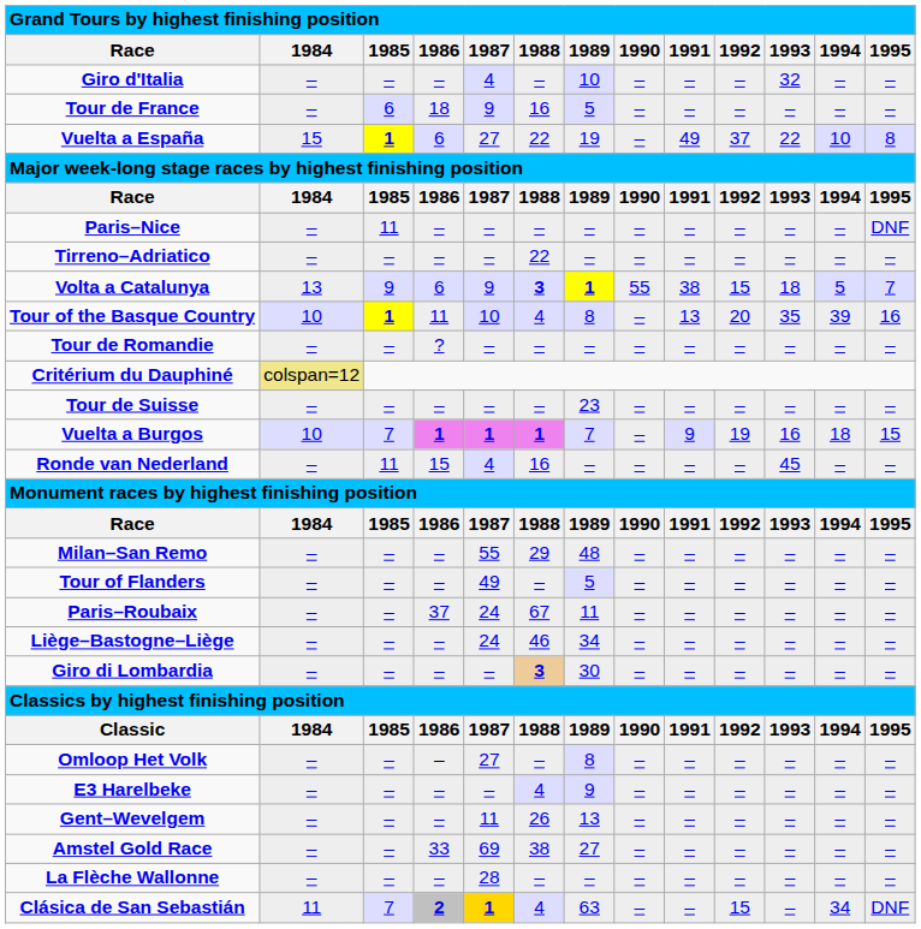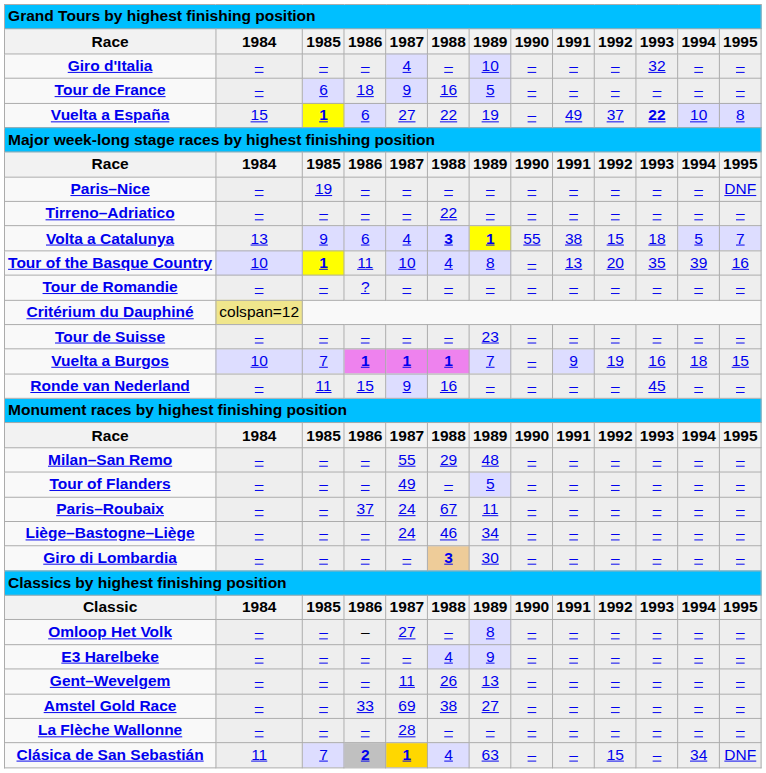 <table class="wikitable">
 <tr style="background:#eee;">
 <td style="background:#00BFFF;" colspan=20><strong>Grand Tours by highest finishing position</strong></td>
 </tr>
 <tr>
 <th>Race</th>
 <th>1984</th>
 <th>1985</th>
 <th>1986</th>
 <th>1987</th>
 <th>1988</th>
 <th>1989</th>
 <th>1990</th>
 <th>1991</th>
 <th>1992</th>
 <th>1993</th>
 <th>1994</th>
 <th>1995</th>
 </tr>
 <tr align="center">
 <td style="text-align:center;"><strong><a href='#'>Giro d'Italia</a></strong></td>
 <td style="background:#eee;"><a href='#'>–</a></td>
 <td style="background:#eee;"><a href='#'>–</a></td>
 <td style="background:#eee;"><a href='#'>–</a></td>
 <td style="background:#ddf;"><a href='#'>4</a></td>
 <td style="background:#eee;"><a href='#'>–</a></td>
 <td style="background:#ddf;"><a href='#'>10</a></td>
 <td style="background:#eee;"><a href='#'>–</a></td>
 <td style="background:#eee;"><a href='#'>–</a></td>
 <td style="background:#eee;"><a href='#'>–</a></td>
 <td style="background:#eee;"><a href='#'>32</a></td>
 <td style="background:#eee;"><a href='#'>–</a></td>
 <td style="background:#eee;"><a href='#'>–</a></td>
 </tr>
 <tr align="center">
 <td style="text-align:center;"><strong><a href='#'>Tour de France</a></strong></td>
 <td style="background:#eee;"><a href='#'>–</a></td>
 <td style="background:#ddf;"><a href='#'>6</a></td>
 <td style="background:#eee;"><a href='#'>18</a></td>
 <td style="background:#ddf;"><a href='#'>9</a></td>
 <td style="background:#eee;"><a href='#'>16</a></td>
 <td style="background:#ddf;"><a href='#'>5</a></td>
 <td style="background:#eee;"><a href='#'>–</a></td>
 <td style="background:#eee;"><a href='#'>–</a></td>
 <td style="background:#eee;"><a href='#'>–</a></td>
 <td style="background:#eee;"><a href='#'>–</a></td>
 <td style="background:#eee;"><a href='#'>–</a></td>
 <td style="background:#eee;"><a href='#'>–</a></td>
 </tr>
 <tr align="center">
 <td style="text-align:center;"><strong><a href='#'>Vuelta a España</a></strong></td>
 <td style="background:#eee;"><a href='#'>15</a></td>
 <td style="background:yellow;"><a href='#'><strong>1</strong></a></td>
 <td style="background:#ddf;"><a href='#'>6</a></td>
 <td style="background:#eee;"><a href='#'>27</a></td>
 <td style="background:#eee;"><a href='#'>22</a></td>
 <td style="background:#eee;"><a href='#'>19</a></td>
 <td style="background:#eee;"><a href='#'>–</a></td>
 <td style="background:#eee;"><a href='#'>49</a></td>
 <td style="background:#eee;"><a href='#'>37</a></td>
-<td style="background:#eee;"><a href='#'>22</a></td>
+<td style="background:#eee;"><strong><a href='#'>22</a></strong></td>
 <td style="background:#ddf;"><a href='#'>10</a></td>
 <td style="background:#ddf;"><a href='#'>8</a></td>
 </tr>
 <tr>
 <td style="background:#00BFFF;" colspan=20><strong>Major week-long stage races by highest finishing position</strong></td>
 </tr>
 <tr>
 <th>Race</th>
 <th>1984</th>
 <th>1985</th>
 <th>1986</th>
 <th>1987</th>
 <th>1988</th>
 <th>1989</th>
 <th>1990</th>
 <th>1991</th>
 <th>1992</th>
 <th>1993</th>
 <th>1994</th>
 <th>1995</th>
 </tr>
 <tr align="center">
 <td style="text-align:center;"><strong><a href='#'>Paris–Nice</a></strong></td>
 <td style="background:#eee;"><a href='#'>–</a></td>
-<td style="background:#eee;"><a href='#'>11</a></td>
+<td style="background:#eee;"><a href='#'>19</a></td>
 <td style="background:#eee;"><a href='#'>–</a></td>
 <td style="background:#eee;"><a href='#'>–</a></td>
 <td style="background:#eee;"><a href='#'>–</a></td>
 <td style="background:#eee;"><a href='#'>–</a></td>
 <td style="background:#eee;"><a href='#'>–</a></td>
 <td style="background:#eee;"><a href='#'>–</a></td>
 <td style="background:#eee;"><a href='#'>–</a></td>
 <td style="background:#eee;"><a href='#'>–</a></td>
 <td style="background:#eee;"><a href='#'>–</a></td>
 <td style="background:#eee;"><a href='#'>DNF</a></td>
 </tr>
 <tr align="center">
 <td style="text-align:center;"><strong><a href='#'>Tirreno–Adriatico</a></strong></td>
 <td style="background:#eee;"><a href='#'>–</a></td>
 <td style="background:#eee;"><a href='#'>–</a></td>
 <td style="background:#eee;"><a href='#'>–</a></td>
 <td style="background:#eee;"><a href='#'>–</a></td>
 <td style="background:#eee;"><a href='#'>22</a></td>
 <td style="background:#eee;"><a href='#'>–</a></td>
 <td style="background:#eee;"><a href='#'>–</a></td>
 <td style="background:#eee;"><a href='#'>–</a></td>
 <td style="background:#eee;"><a href='#'>–</a></td>
 <td style="background:#eee;"><a href='#'>–</a></td>
 <td style="background:#eee;"><a href='#'>–</a></td>
 <td style="background:#eee;"><a href='#'>–</a></td>
 </tr>
 <tr align="center">
 <td style="text-align:center;"><strong><a href='#'>Volta a Catalunya</a></strong></td>
 <td style="background:#eee;"><a href='#'>13</a></td>
 <td style="background:#ddf;"><a href='#'>9</a></td>
 <td style="background:#ddf;"><a href='#'>6</a></td>
-<td style="background:#ddf;"><a href='#'>9</a></td>
+<td style="background:#ddf;"><a href='#'>4</a></td>
 <td style="background:#ddf;"><a href='#'><strong>3</strong></a></td>
 <td style="background:yellow;"><a href='#'><strong>1</strong></a></td>
 <td style="background:#eee;"><a href='#'>55</a></td>
 <td style="background:#eee;"><a href='#'>38</a></td>
 <td style="background:#eee;"><a href='#'>15</a></td>
 <td style="background:#eee;"><a href='#'>18</a></td>
 <td style="background:#ddf;"><a href='#'>5</a></td>
 <td style="background:#ddf;"><a href='#'>7</a></td>
 </tr>
 <tr align="center">
 <td style="text-align:center;"><strong><a href='#'>Tour of the Basque Country</a></strong></td>
 <td style="background:#ddf;"><a href='#'>10</a></td>
 <td style="background:yellow;"><a href='#'><strong>1</strong></a></td>
 <td style="background:#eee;"><a href='#'>11</a></td>
 <td style="background:#ddf;"><a href='#'>10</a></td>
 <td style="background:#ddf;"><a href='#'>4</a></td>
 <td style="background:#ddf;"><a href='#'>8</a></td>
 <td style="background:#eee;"><a href='#'>–</a></td>
 <td style="background:#eee;"><a href='#'>13</a></td>
 <td style="background:#eee;"><a href='#'>20</a></td>
 <td style="background:#eee;"><a href='#'>35</a></td>
 <td style="background:#eee;"><a href='#'>39</a></td>
 <td style="background:#eee;"><a href='#'>16</a></td>
 </tr>
 <tr align="center">
 <td style="text-align:center;"><strong><a href='#'>Tour de Romandie</a></strong></td>
 <td style="background:#eee;"><a href='#'>–</a></td>
 <td style="background:#eee;"><a href='#'>–</a></td>
 <td style="background:#eee;"><a href='#'>?</a></td>
 <td style="background:#eee;"><a href='#'>–</a></td>
 <td style="background:#eee;"><a href='#'>–</a></td>
 <td style="background:#eee;"><a href='#'>–</a></td>
 <td style="background:#eee;"><a href='#'>–</a></td>
 <td style="background:#eee;"><a href='#'>–</a></td>
 <td style="background:#eee;"><a href='#'>–</a></td>
 <td style="background:#eee;"><a href='#'>–</a></td>
 <td style="background:#eee;"><a href='#'>–</a></td>
 <td style="background:#eee;"><a href='#'>–</a></td>
 </tr>
 <tr align="center">
 <td style="text-align:center;"><strong><a href='#'>Critérium du Dauphiné</a></strong></td>
 <td style="background: khaki;">colspan=12 </td>
 </tr>
 <tr align="center">
 <td style="text-align:center;"><strong><a href='#'>Tour de Suisse</a></strong></td>
 <td style="background:#eee;"><a href='#'>–</a></td>
 <td style="background:#eee;"><a href='#'>–</a></td>
 <td style="background:#eee;"><a href='#'>–</a></td>
 <td style="background:#eee;"><a href='#'>–</a></td>
 <td style="background:#eee;"><a href='#'>–</a></td>
 <td style="background:#eee;"><a href='#'>23</a></td>
 <td style="background:#eee;"><a href='#'>–</a></td>
 <td style="background:#eee;"><a href='#'>–</a></td>
 <td style="background:#eee;"><a href='#'>–</a></td>
 <td style="background:#eee;"><a href='#'>–</a></td>
 <td style="background:#eee;"><a href='#'>–</a></td>
 <td style="background:#eee;"><a href='#'>–</a></td>
 </tr>
 <tr align="center">
 <td style="text-align:center;"><strong><a href='#'>Vuelta a Burgos</a></strong></td>
 <td style="background:#ddf;"><a href='#'>10</a></td>
 <td style="background:#ddf;"><a href='#'>7</a></td>
 <td style="background:violet;"><a href='#'><strong>1</strong></a></td>
 <td style="background:violet;"><a href='#'><strong>1</strong></a></td>
 <td style="background:violet;"><a href='#'><strong>1</strong></a></td>
 <td style="background:#ddf;"><a href='#'>7</a></td>
 <td style="background:#eee;"><a href='#'>–</a></td>
 <td style="background:#ddf;"><a href='#'>9</a></td>
 <td style="background:#eee;"><a href='#'>19</a></td>
 <td style="background:#eee;"><a href='#'>16</a></td>
 <td style="background:#eee;"><a href='#'>18</a></td>
 <td style="background:#eee;"><a href='#'>15</a></td>
 </tr>
 <tr align="center">
 <td style="text-align:center;"><strong><a href='#'>Ronde van Nederland</a></strong></td>
 <td style="background:#eee;"><a href='#'>–</a></td>
 <td style="background:#eee;"><a href='#'>11</a></td>
 <td style="background:#eee;"><a href='#'>15</a></td>
-<td style="background:#ddf;"><a href='#'>4</a></td>
+<td style="background:#ddf;"><a href='#'>9</a></td>
 <td style="background:#eee;"><a href='#'>16</a></td>
 <td style="background:#eee;"><a href='#'>–</a></td>
 <td style="background:#eee;"><a href='#'>–</a></td>
 <td style="background:#eee;"><a href='#'>–</a></td>
 <td style="background:#eee;"><a href='#'>–</a></td>
 <td style="background:#eee;"><a href='#'>45</a></td>
 <td style="background:#eee;"><a href='#'>–</a></td>
 <td style="background:#eee;"><a href='#'>–</a></td>
 </tr>
 <tr>
 <td style="background:#00BFFF;" colspan=20><strong>Monument races by highest finishing position</strong></td>
 </tr>
 <tr>
 <th>Race</th>
 <th>1984</th>
 <th>1985</th>
 <th>1986</th>
 <th>1987</th>
 <th>1988</th>
 <th>1989</th>
 <th>1990</th>
 <th>1991</th>
 <th>1992</th>
 <th>1993</th>
 <th>1994</th>
 <th>1995</th>
 </tr>
 <tr align="center">
 <td style="text-align:center;"><strong><a href='#'>Milan–San Remo</a></strong></td>
 <td style="background:#eee;"><a href='#'>–</a></td>
 <td style="background:#eee;"><a href='#'>–</a></td>
 <td style="background:#eee;"><a href='#'>–</a></td>
 <td style="background:#eee;"><a href='#'>55</a></td>
 <td style="background:#eee;"><a href='#'>29</a></td>
 <td style="background:#eee;"><a href='#'>48</a></td>
 <td style="background:#eee;"><a href='#'>–</a></td>
 <td style="background:#eee;"><a href='#'>–</a></td>
 <td style="background:#eee;"><a href='#'>–</a></td>
 <td style="background:#eee;"><a href='#'>–</a></td>
 <td style="background:#eee;"><a href='#'>–</a></td>
 <td style="background:#eee;"><a href='#'>–</a></td>
 </tr>
 <tr align="center">
 <td style="text-align:center;"><strong><a href='#'>Tour of Flanders</a></strong></td>
 <td style="background:#eee;"><a href='#'>–</a></td>
 <td style="background:#eee;"><a href='#'>–</a></td>
 <td style="background:#eee;"><a href='#'>–</a></td>
 <td style="background:#eee;"><a href='#'>49</a></td>
 <td style="background:#eee;"><a href='#'>–</a></td>
 <td style="background:#ddf;"><a href='#'>5</a></td>
 <td style="background:#eee;"><a href='#'>–</a></td>
 <td style="background:#eee;"><a href='#'>–</a></td>
 <td style="background:#eee;"><a href='#'>–</a></td>
 <td style="background:#eee;"><a href='#'>–</a></td>
 <td style="background:#eee;"><a href='#'>–</a></td>
 <td style="background:#eee;"><a href='#'>–</a></td>
 </tr>
 <tr align="center">
 <td style="text-align:center;"><strong><a href='#'>Paris–Roubaix</a></strong></td>
 <td style="background:#eee;"><a href='#'>–</a></td>
 <td style="background:#eee;"><a href='#'>–</a></td>
 <td style="background:#eee;"><a href='#'>37</a></td>
 <td style="background:#eee;"><a href='#'>24</a></td>
 <td style="background:#eee;"><a href='#'>67</a></td>
 <td style="background:#eee;"><a href='#'>11</a></td>
 <td style="background:#eee;"><a href='#'>–</a></td>
 <td style="background:#eee;"><a href='#'>–</a></td>
 <td style="background:#eee;"><a href='#'>–</a></td>
 <td style="background:#eee;"><a href='#'>–</a></td>
 <td style="background:#eee;"><a href='#'>–</a></td>
 <td style="background:#eee;"><a href='#'>–</a></td>
 </tr>
 <tr align="center">
 <td style="text-align:center;"><strong><a href='#'>Liège–Bastogne–Liège</a></strong></td>
 <td style="background:#eee;"><a href='#'>–</a></td>
 <td style="background:#eee;"><a href='#'>–</a></td>
 <td style="background:#eee;"><a href='#'>–</a></td>
 <td style="background:#eee;"><a href='#'>24</a></td>
 <td style="background:#eee;"><a href='#'>46</a></td>
 <td style="background:#eee;"><a href='#'>34</a></td>
 <td style="background:#eee;"><a href='#'>–</a></td>
 <td style="background:#eee;"><a href='#'>–</a></td>
 <td style="background:#eee;"><a href='#'>–</a></td>
 <td style="background:#eee;"><a href='#'>–</a></td>
 <td style="background:#eee;"><a href='#'>–</a></td>
 <td style="background:#eee;"><a href='#'>–</a></td>
 </tr>
 <tr align="center">
 <td style="text-align:center;"><strong><a href='#'>Giro di Lombardia</a></strong></td>
 <td style="background:#eee;"><a href='#'>–</a></td>
 <td style="background:#eee;"><a href='#'>–</a></td>
 <td style="background:#eee;"><a href='#'>–</a></td>
 <td style="background:#eee;"><a href='#'>–</a></td>
 <td style="background:#ec9;"><a href='#'><strong>3</strong></a></td>
 <td style="background:#eee;"><a href='#'>30</a></td>
 <td style="background:#eee;"><a href='#'>–</a></td>
 <td style="background:#eee;"><a href='#'>–</a></td>
 <td style="background:#eee;"><a href='#'>–</a></td>
 <td style="background:#eee;"><a href='#'>–</a></td>
 <td style="background:#eee;"><a href='#'>–</a></td>
 <td style="background:#eee;"><a href='#'>–</a></td>
 </tr>
 <tr>
 <td style="background:#00BFFF;" colspan=20><strong>Classics by highest finishing position</strong></td>
 </tr>
 <tr>
 <th>Classic</th>
 <th>1984</th>
 <th>1985</th>
 <th>1986</th>
 <th>1987</th>
 <th>1988</th>
 <th>1989</th>
 <th>1990</th>
 <th>1991</th>
 <th>1992</th>
 <th>1993</th>
 <th>1994</th>
 <th>1995</th>
 </tr>
 <tr align="center">
 <td style="text-align:center;"><strong><a href='#'>Omloop Het Volk</a></strong></td>
 <td style="background:#eee;"><a href='#'>–</a></td>
 <td style="background:#eee;"><a href='#'>–</a></td>
 <td style="background:#eee;">–</td>
 <td style="background:#eee;"><a href='#'>27</a></td>
 <td style="background:#eee;"><a href='#'>–</a></td>
 <td style="background:#ddf;"><a href='#'>8</a></td>
 <td style="background:#eee;"><a href='#'>–</a></td>
 <td style="background:#eee;"><a href='#'>–</a></td>
 <td style="background:#eee;"><a href='#'>–</a></td>
 <td style="background:#eee;"><a href='#'>–</a></td>
 <td style="background:#eee;"><a href='#'>–</a></td>
 <td style="background:#eee;"><a href='#'>–</a></td>
 </tr>
 <tr align="center">
 <td style="text-align:center;"><strong><a href='#'>E3 Harelbeke</a></strong></td>
 <td style="background:#eee;"><a href='#'>–</a></td>
 <td style="background:#eee;"><a href='#'>–</a></td>
 <td style="background:#eee;"><a href='#'>–</a></td>
 <td style="background:#eee;"><a href='#'>–</a></td>
 <td style="background:#ddf;"><a href='#'>4</a></td>
 <td style="background:#ddf;"><a href='#'>9</a></td>
 <td style="background:#eee;"><a href='#'>–</a></td>
 <td style="background:#eee;"><a href='#'>–</a></td>
 <td style="background:#eee;"><a href='#'>–</a></td>
 <td style="background:#eee;"><a href='#'>–</a></td>
 <td style="background:#eee;"><a href='#'>–</a></td>
 <td style="background:#eee;"><a href='#'>–</a></td>
 </tr>
 <tr align="center">
 <td style="text-align:center;"><strong><a href='#'>Gent–Wevelgem</a></strong></td>
 <td style="background:#eee;"><a href='#'>–</a></td>
 <td style="background:#eee;"><a href='#'>–</a></td>
 <td style="background:#eee;"><a href='#'>–</a></td>
 <td style="background:#eee;"><a href='#'>11</a></td>
 <td style="background:#eee;"><a href='#'>26</a></td>
 <td style="background:#eee;"><a href='#'>13</a></td>
 <td style="background:#eee;"><a href='#'>–</a></td>
 <td style="background:#eee;"><a href='#'>–</a></td>
 <td style="background:#eee;"><a href='#'>–</a></td>
 <td style="background:#eee;"><a href='#'>–</a></td>
 <td style="background:#eee;"><a href='#'>–</a></td>
 <td style="background:#eee;"><a href='#'>–</a></td>
 </tr>
 <tr align="center">
 <td style="text-align:center;"><strong><a href='#'>Amstel Gold Race</a></strong></td>
 <td style="background:#eee;"><a href='#'>–</a></td>
 <td style="background:#eee;"><a href='#'>–</a></td>
 <td style="background:#eee;"><a href='#'>33</a></td>
 <td style="background:#eee;"><a href='#'>69</a></td>
 <td style="background:#eee;"><a href='#'>38</a></td>
 <td style="background:#eee;"><a href='#'>27</a></td>
 <td style="background:#eee;"><a href='#'>–</a></td>
 <td style="background:#eee;"><a href='#'>–</a></td>
 <td style="background:#eee;"><a href='#'>–</a></td>
 <td style="background:#eee;"><a href='#'>–</a></td>
 <td style="background:#eee;"><a href='#'>–</a></td>
 <td style="background:#eee;"><a href='#'>–</a></td>
 </tr>
 <tr align="center">
 <td style="text-align:center;"><strong><a href='#'>La Flèche Wallonne</a></strong></td>
 <td style="background:#eee;"><a href='#'>–</a></td>
 <td style="background:#eee;"><a href='#'>–</a></td>
 <td style="background:#eee;"><a href='#'>–</a></td>
 <td style="background:#eee;"><a href='#'>28</a></td>
 <td style="background:#eee;"><a href='#'>–</a></td>
 <td style="background:#eee;"><a href='#'>–</a></td>
 <td style="background:#eee;"><a href='#'>–</a></td>
 <td style="background:#eee;"><a href='#'>–</a></td>
 <td style="background:#eee;"><a href='#'>–</a></td>
 <td style="background:#eee;"><a href='#'>–</a></td>
 <td style="background:#eee;"><a href='#'>–</a></td>
 <td style="background:#eee;"><a href='#'>–</a></td>
 </tr>
 <tr align="center">
 <td style="text-align:center;"><strong><a href='#'>Clásica de San Sebastián</a></strong></td>
 <td style="background:#eee;"><a href='#'>11</a></td>
 <td style="background:#ddf;"><a href='#'>7</a></td>
 <td style="background:silver;"><a href='#'><strong>2</strong></a></td>
 <td style="background:gold;"><a href='#'><strong>1</strong></a></td>
 <td style="background:#ddf;"><a href='#'>4</a></td>
 <td style="background:#eee;"><a href='#'>63</a></td>
 <td style="background:#eee;"><a href='#'>–</a></td>
 <td style="background:#eee;"><a href='#'>–</a></td>
 <td style="background:#eee;"><a href='#'>15</a></td>
 <td style="background:#eee;"><a href='#'>–</a></td>
 <td style="background:#eee;"><a href='#'>34</a></td>
 <td style="background:#eee;"><a href='#'>DNF</a></td>
 </tr>
 </table>
